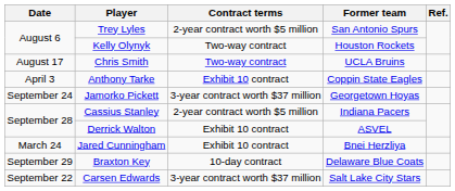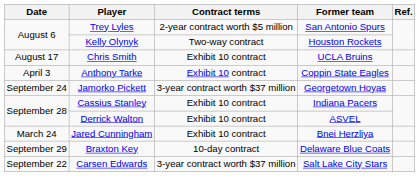 <table class="wikitable sortable sortable" style="text-align: center">
 <tr>
 <th>Date</th>
 <th>Player</th>
 <th>Contract terms</th>
 <th>Former team</th>
 <th>Ref.</th>
 </tr>
 <tr>
 <td rowspan="2">August 6</td>
 <td><a href='#'>Trey Lyles</a></td>
 <td>2-year contract worth $5 million</td>
 <td><a href='#'>San Antonio Spurs</a></td>
 <td rowspan="2"></td>
 </tr>
 <tr>
 <td><a href='#'>Kelly Olynyk</a></td>
 <td>Two-way contract</td>
 <td><a href='#'>Houston Rockets</a></td>
 </tr>
 <tr style="text-align: center">
 <td>August 17</td>
 <td><a href='#'>Chris Smith</a></td>
-<td><a href='#'>Two-way contract</a></td>
+<td>Exhibit 10 contract</td>
 <td><a href='#'>UCLA Bruins</a></td>
 <td></td>
 </tr>
 <tr style="text-align: center">
 <td>April 3</td>
 <td><a href='#'>Anthony Tarke</a></td>
 <td><a href='#'>Exhibit 10</a> contract</td>
 <td><a href='#'>Coppin State Eagles</a></td>
 <td></td>
 </tr>
 <tr style="text-align: center">
 <td>September 24</td>
 <td><a href='#'>Jamorko Pickett</a></td>
 <td>3-year contract worth $37 million</td>
 <td><a href='#'>Georgetown Hoyas</a></td>
 <td></td>
 </tr>
 <tr>
 <td rowspan="2">September 28</td>
 <td><a href='#'>Cassius Stanley</a></td>
-<td>2-year contract worth $5 million</td>
+<td>Exhibit 10 contract</td>
 <td><a href='#'>Indiana Pacers</a></td>
 <td rowspan="2"></td>
 </tr>
 <tr>
 <td><a href='#'>Derrick Walton</a></td>
 <td>Exhibit 10 contract</td>
 <td> <a href='#'>ASVEL</a></td>
 </tr>
 <tr style="text-align: center">
 <td>March 24</td>
 <td><a href='#'>Jared Cunningham</a></td>
 <td>Exhibit 10 contract</td>
 <td> <a href='#'>Bnei Herzliya</a></td>
 <td></td>
 </tr>
 <tr style="text-align: center">
 <td>September 29</td>
 <td><a href='#'>Braxton Key</a></td>
 <td>10-day contract</td>
 <td><a href='#'>Delaware Blue Coats</a></td>
 <td></td>
 </tr>
 <tr style="text-align: center">
 <td>September 22</td>
 <td><a href='#'>Carsen Edwards</a></td>
 <td>3-year contract worth $37 million</td>
 <td><a href='#'>Salt Lake City Stars</a></td>
 <td></td>
 </tr>
 </table>
